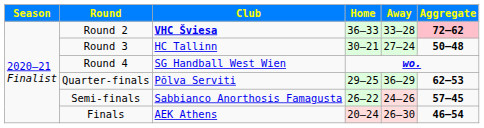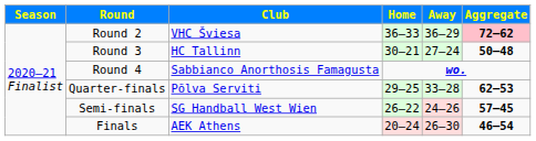 <table class="wikitable">
 <tr>
 <th style="color:#FFFF00; background:#0080FF">Season</th>
 <th style="color:#FFFF00; background:#0080FF">Round</th>
 <th style="color:#FFFF00; background:#0080FF">Club</th>
 <th style="color:#FFFF00; background:#0080FF">Home</th>
 <th style="color:#FFFF00; background:#0080FF">Away</th>
 <th style="color:#FFFF00; background:#0080FF">Aggregate</th>
 </tr>
 <tr>
 <td rowspan=6><a href='#'>2020–21</a><br> <em>Finalist</em></td>
 <td align=center>Round 2</td>
-<td><strong> <a href='#'>VHC Šviesa</a></strong></td>
+<td> <a href='#'>VHC Šviesa</a></td>
 <td style="text-align:center; background:#dfd;">36–33</td>
-<td style="text-align:center; background:#dfd;">33–28</td>
+<td style="text-align:center; background:#dfd;">36–29</td>
 <td style="background: pink; text-align:center;"><strong>72–62</strong></td>
 </tr>
 <tr>
 <td align=center>Round 3</td>
 <td> <a href='#'>HC Tallinn</a></td>
 <td style="text-align:center; background:#dfd;">30–21</td>
 <td style="text-align:center; background:#dfd;">27–24</td>
 <td style="text-align:center;"><strong>50–48</strong></td>
 </tr>
 <tr>
 <td align=center>Round 4</td>
-<td> <a href='#'>SG Handball West Wien</a></td>
+<td> <a href='#'>Sabbianco Anorthosis Famagusta</a></td>
 <td colspan=3; style="text-align:center;"><strong><em><a href='#'>wo.</a></em></strong></td>
 </tr>
 <tr>
 <td align=center>Quarter-finals</td>
 <td> <a href='#'>Põlva Serviti</a></td>
 <td style="text-align:center; background:#dfd;">29–25</td>
-<td style="text-align:center; background:#dfd;">36–29</td>
+<td style="text-align:center; background:#dfd;">33–28</td>
 <td style="text-align:center;"><strong>62–53</strong></td>
 </tr>
 <tr>
 <td align=center>Semi-finals</td>
-<td> <a href='#'>Sabbianco Anorthosis Famagusta</a></td>
+<td> <a href='#'>SG Handball West Wien</a></td>
 <td style="text-align:center; background:#dfd;">26–22</td>
 <td style="text-align:center; background:#fdd;">24–26</td>
 <td style="text-align:center;"><strong>57–45</strong></td>
 </tr>
 <tr>
 <td align=center>Finals</td>
 <td> <a href='#'>AEK Athens</a></td>
 <td style="text-align:center; background:#fdd;">20–24</td>
 <td style="text-align:center; background:#fdd;">26–30</td>
 <td style="text-align:center;"><strong>46–54</strong></td>
 </tr>
 </table>
